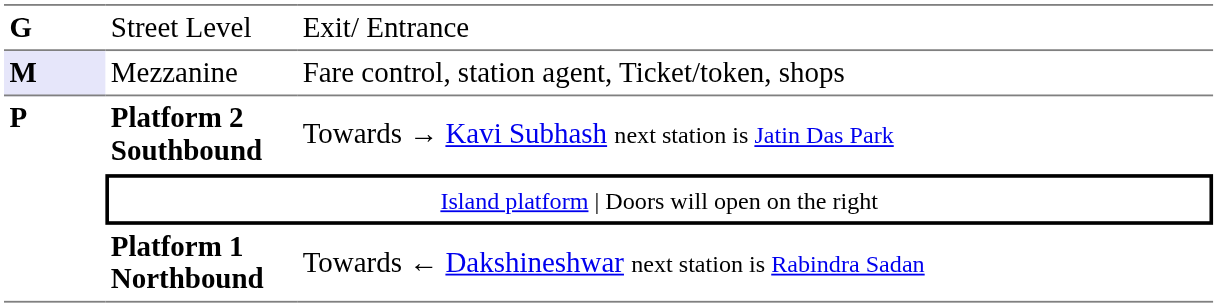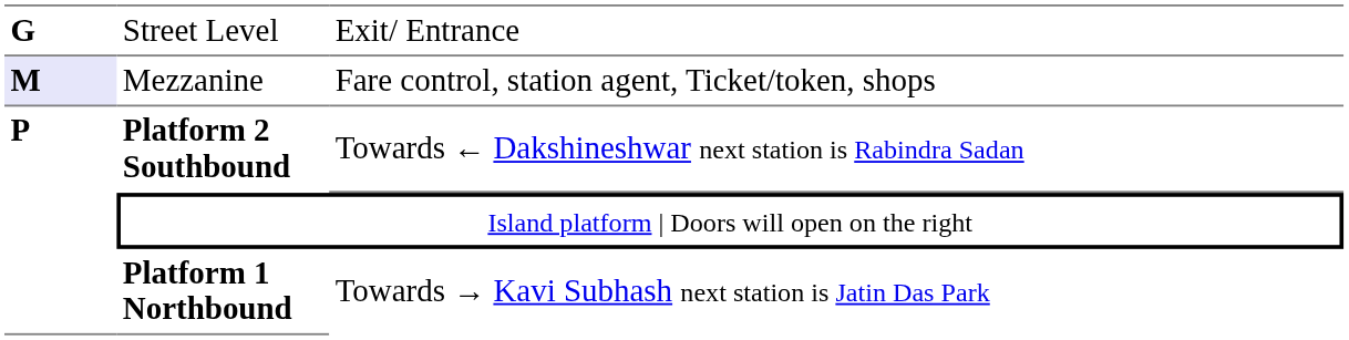 <table table border=0 cellspacing=0 cellpadding=3>
 <tr>
 <td style="border-top:solid 1px gray;border-bottom:solid 1px gray;" width=50 valign=top><strong>G</strong></td>
 <td style="border-top:solid 1px gray;border-bottom:solid 1px gray;" width=100 valign=top>Street Level</td>
 <td style="border-top:solid 1px gray;border-bottom:solid 1px gray;" width=390 valign=top>Exit/ Entrance</td>
 </tr>
 <tr>
 <td style="background: lavender; border-bottom:solid 1px gray;"><strong>M</strong></td>
 <td style="border-bottom:solid 1px gray;">Mezzanine</td>
 <td style="border-bottom:solid 1px gray;">Fare control, station agent, Ticket/token, shops</td>
 </tr>
 <tr>
 <td style="border-bottom:solid 1px gray;" width=50 rowspan=3 valign=top><strong>P</strong></td>
 <td style="border-bottom:solid 1px white;" width=100><span><strong>Platform 2</strong><br><strong>Southbound</strong></span></td>
-<td style="border-bottom:solid 1px white;" width=500>Towards → <a href='#'>Kavi Subhash</a> <small>next station is <a href='#'>Jatin Das Park</a></small></td>
+<td style="border-bottom:solid 1px gray;" width="500">Towards ← <a href='#'>Dakshineshwar</a> <small>next station is <a href='#'>Rabindra Sadan</a></small></td>
 </tr>
 <tr>
 <td style="border-top:solid 2px black;border-right:solid 2px black;border-left:solid 2px black;border-bottom:solid 2px black;text-align:center;" colspan=2><small><a href='#'>Island platform</a> | Doors will open on the right </small></td>
 </tr>
 <tr>
 <td style="border-bottom:solid 1px gray;" width=100><span><strong>Platform 1</strong><br><strong>Northbound</strong></span></td>
-<td style="border-bottom:solid 1px gray;" width="500">Towards ← <a href='#'>Dakshineshwar</a> <small>next station is <a href='#'>Rabindra Sadan</a></small></td>
+<td style="border-bottom:solid 1px white;" width=500>Towards → <a href='#'>Kavi Subhash</a> <small>next station is <a href='#'>Jatin Das Park</a></small></td>
 </tr>
 </table>
